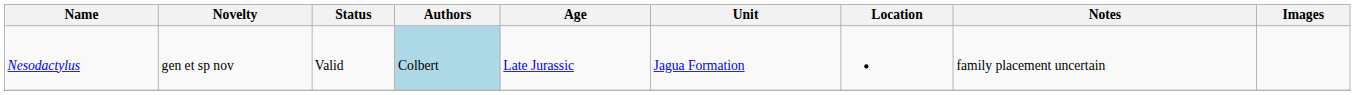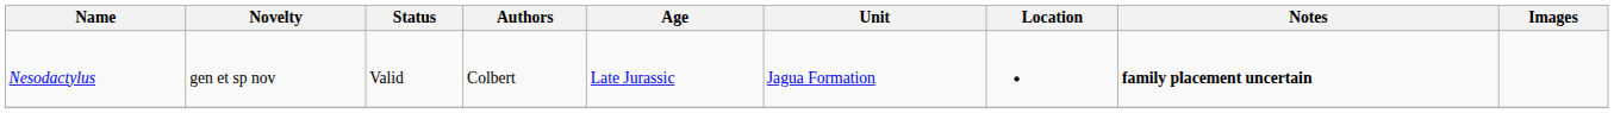 <table class="wikitable sortable" align="center" width="100%">
 <tr>
 <th>Name</th>
 <th>Novelty</th>
 <th>Status</th>
 <th>Authors</th>
 <th>Age</th>
 <th>Unit</th>
 <th>Location</th>
 <th>Notes</th>
 <th>Images</th>
 </tr>
 <tr>
 <td><br><em><a href='#'>Nesodactylus</a></em></td>
 <td><br>gen et sp nov</td>
 <td><br>Valid</td>
-<td style="background: lightblue;"><br>Colbert</td>
+<td><br>Colbert</td>
 <td><br><a href='#'>Late Jurassic</a></td>
 <td><br><a href='#'>Jagua Formation</a></td>
 <td><br><ul><li></li></ul></td>
-<td><br>family placement uncertain</td>
+<td><strong><br>family placement uncertain</strong></td>
 <td></td>
 </tr>
 <tr>
 </tr>
 </table>
